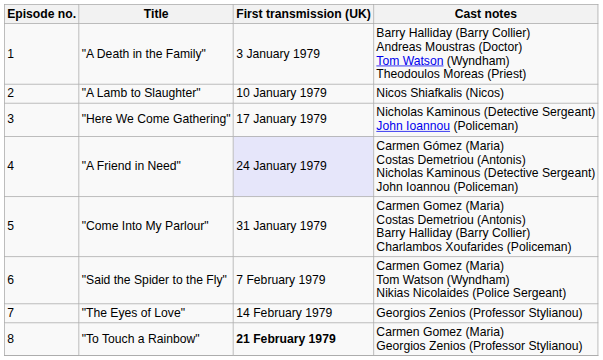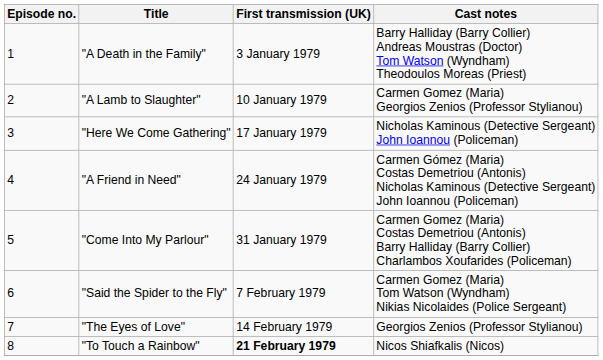 <table class="wikitable plainrowheaders">
 <tr style="color:#00000;">
 <th scope="col">Episode no.</th>
 <th scope="col">Title</th>
 <th scope="col">First transmission (UK)</th>
 <th scope="col">Cast notes</th>
 </tr>
 <tr>
 <td>1</td>
 <td>"A Death in the Family"</td>
 <td>3 January 1979</td>
 <td>Barry Halliday (Barry Collier) <br> Andreas Moustras (Doctor) <br> <a href='#'>Tom Watson</a> (Wyndham) <br> Theodoulos Moreas (Priest)</td>
 </tr>
 <tr>
 <td>2</td>
 <td>"A Lamb to Slaughter"</td>
 <td>10 January 1979</td>
-<td>Nicos Shiafkalis (Nicos)</td>
+<td>Carmen Gomez (Maria) <br> Georgios Zenios (Professor Stylianou)</td>
 </tr>
 <tr>
 <td>3</td>
 <td>"Here We Come Gathering"</td>
 <td>17 January 1979</td>
 <td>Nicholas Kaminous (Detective Sergeant) <br> <a href='#'>John Ioannou</a> (Policeman)</td>
 </tr>
 <tr>
 <td>4</td>
 <td>"A Friend in Need"</td>
-<td style="background: lavender;">24 January 1979</td>
+<td>24 January 1979</td>
 <td>Carmen Gómez (Maria) <br> Costas Demetriou (Antonis) <br> Nicholas Kaminous (Detective Sergeant) <br> John Ioannou (Policeman)</td>
 </tr>
 <tr>
 <td>5</td>
 <td>"Come Into My Parlour"</td>
 <td>31 January 1979</td>
 <td>Carmen Gomez (Maria) <br> Costas Demetriou (Antonis) <br> Barry Halliday (Barry Collier) <br> Charlambos Xoufarides (Policeman)</td>
 </tr>
 <tr>
 <td>6</td>
 <td>"Said the Spider to the Fly"</td>
 <td>7 February 1979</td>
 <td>Carmen Gomez (Maria) <br> Tom Watson (Wyndham) <br> Nikias Nicolaides (Police Sergeant)</td>
 </tr>
 <tr>
 <td>7</td>
 <td>"The Eyes of Love"</td>
 <td>14 February 1979</td>
 <td>Georgios Zenios (Professor Stylianou)</td>
 </tr>
 <tr>
 <td>8</td>
 <td>"To Touch a Rainbow"</td>
 <td><strong>21 February 1979</strong></td>
-<td>Carmen Gomez (Maria) <br> Georgios Zenios (Professor Stylianou)</td>
+<td>Nicos Shiafkalis (Nicos)</td>
 </tr>
 <tr>
 </tr>
 </table>
